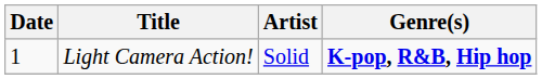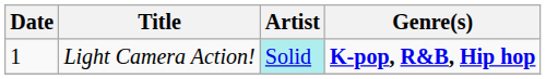 <table class="wikitable" style="text-align: left;">
 <tr>
 <th>Date</th>
 <th>Title</th>
 <th>Artist</th>
 <th>Genre(s)</th>
 </tr>
 <tr>
 <td>1</td>
 <td><em>Light Camera Action!</em></td>
-<td><a href='#'>Solid</a></td>
+<td style="background: paleturquoise;"><a href='#'>Solid</a></td>
 <td><strong><a href='#'>K-pop</a>, <a href='#'>R&B</a>, <a href='#'>Hip hop</a></strong></td>
 </tr>
 <tr>
 </tr>
 </table>
